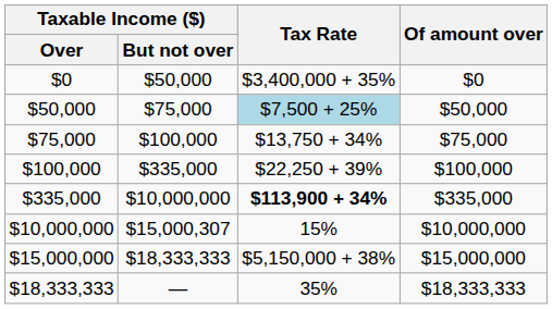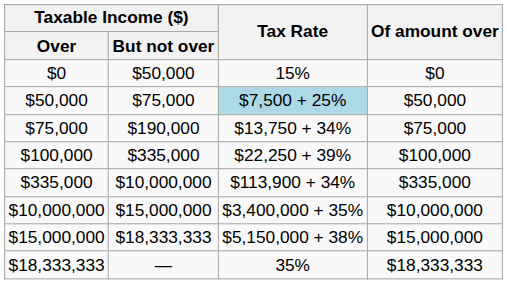 <table class="wikitable" style="text-align:center">
 <tr bgcolor="#CCCCCC">
 <th colspan=2>Taxable Income ($)</th>
 <th rowspan=2>Tax Rate</th>
 <th rowspan=2>Of amount over</th>
 </tr>
 <tr>
 <th>Over</th>
 <th>But not over</th>
 </tr>
 <tr>
 <td>$0</td>
 <td>$50,000</td>
-<td>$3,400,000 + 35%</td>
+<td>15%</td>
 <td>$0</td>
 </tr>
 <tr>
 <td>$50,000</td>
 <td>$75,000</td>
 <td style="background: lightblue;">$7,500 + 25%</td>
 <td>$50,000</td>
 </tr>
 <tr>
 <td>$75,000</td>
-<td>$100,000</td>
+<td>$190,000</td>
 <td>$13,750 + 34%</td>
 <td>$75,000</td>
 </tr>
 <tr>
 <td>$100,000</td>
 <td>$335,000</td>
 <td>$22,250 + 39%</td>
 <td>$100,000</td>
 </tr>
 <tr>
 <td>$335,000</td>
 <td>$10,000,000</td>
-<td><strong>$113,900 + 34%</strong></td>
+<td>$113,900 + 34%</td>
 <td>$335,000</td>
 </tr>
 <tr>
 <td>$10,000,000</td>
-<td>$15,000,307</td>
-<td>15%</td>
+<td>$15,000,000</td>
+<td>$3,400,000 + 35%</td>
 <td>$10,000,000</td>
 </tr>
 <tr>
 <td>$15,000,000</td>
 <td>$18,333,333</td>
 <td>$5,150,000 + 38%</td>
 <td>$15,000,000</td>
 </tr>
 <tr>
 <td>$18,333,333</td>
 <td>—</td>
 <td>35%</td>
 <td>$18,333,333</td>
 </tr>
 </table>
